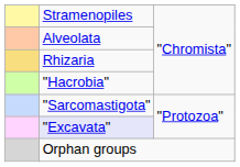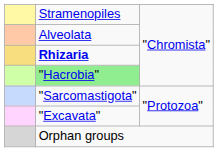 <table class="wikitable">
 <tr>
 <td style="background: #fff9a6" width="15%"></td>
 <td><a href='#'>Stramenopiles</a></td>
 <td rowspan="4">"<a href='#'>Chromista</a>"</td>
 </tr>
 <tr>
 <td style="background: #ffc8a6" width="15%"></td>
 <td><a href='#'>Alveolata</a></td>
 </tr>
 <tr>
 <td style="background: #f8de7e" width="15%"></td>
-<td><a href='#'>Rhizaria</a></td>
+<td><strong><a href='#'>Rhizaria</a></strong></td>
 </tr>
 <tr>
 <td style="background: #cfffa6"></td>
-<td>"<a href='#'>Hacrobia</a>"</td>
+<td style="background: lightgreen;">"<a href='#'>Hacrobia</a>"</td>
 </tr>
 <tr>
 <td style="background: #c5dafc"></td>
 <td>"<a href='#'>Sarcomastigota</a>"</td>
 <td rowspan="2">"<a href='#'>Protozoa</a>"</td>
 </tr>
 <tr>
 <td style="background:#ffd4fe"></td>
-<td style="background: lavender;">"<a href='#'>Excavata</a>"</td>
+<td>"<a href='#'>Excavata</a>"</td>
 </tr>
 <tr>
 <td style="background: #d6d6d6" width="15%"></td>
 <td colspan="2">Orphan groups</td>
 </tr>
 </table>
